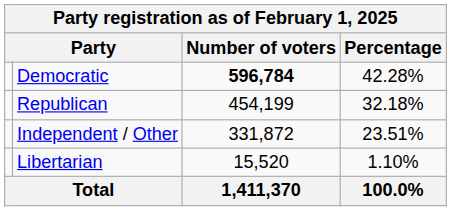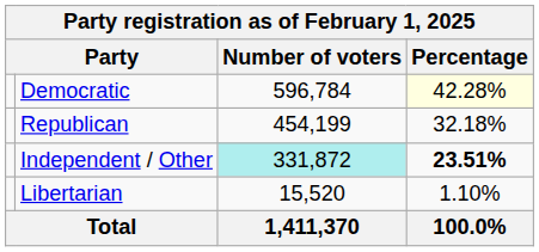 <table class="wikitable floatright">
 <tr>
 <th colspan = 6>Party registration as of February 1, 2025</th>
 </tr>
 <tr>
 <th colspan = 2>Party</th>
 <th>Number of voters</th>
 <th>Percentage</th>
 </tr>
 <tr>
 <td></td>
 <td><a href='#'>Democratic</a></td>
-<td style="text-align:center;"><strong>596,784</strong></td>
-<td style="text-align:center;">42.28%</td>
+<td style="text-align:center;">596,784</td>
+<td style="background: lightyellow; text-align:center;">42.28%</td>
 </tr>
 <tr>
 <td></td>
 <td><a href='#'>Republican</a></td>
 <td style="text-align:center;">454,199</td>
 <td style="text-align:center;">32.18%</td>
 </tr>
 <tr>
 <td></td>
 <td><a href='#'>Independent</a> / <a href='#'>Other</a></td>
-<td align=center>331,872</td>
-<td align=center>23.51%</td>
+<td align=center style="background: paleturquoise;">331,872</td>
+<td align=center><strong>23.51%</strong></td>
 </tr>
 <tr>
 <td></td>
 <td><a href='#'>Libertarian</a></td>
 <td style="text-align:center;">15,520</td>
 <td style="text-align:center;">1.10%</td>
 </tr>
 <tr>
 <th colspan = 2>Total</th>
 <th style="text-align:center;">1,411,370</th>
 <th style="text-align:center;">100.0%</th>
 </tr>
 </table>
